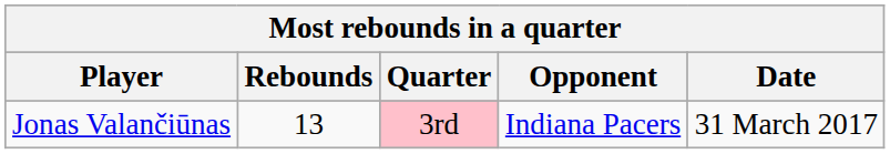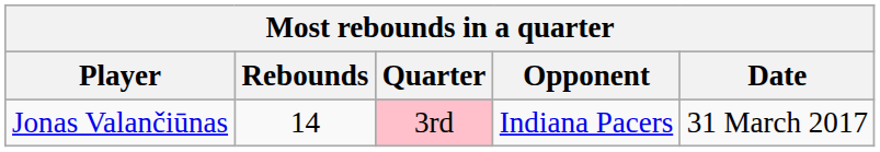 <table class="wikitable" style="text-align:center">
 <tr>
 <th colspan="5">Most rebounds in a quarter</th>
 </tr>
 <tr>
 <th>Player</th>
 <th>Rebounds</th>
 <th>Quarter</th>
 <th>Opponent</th>
 <th>Date</th>
 </tr>
 <tr>
 <td><a href='#'>Jonas Valančiūnas</a></td>
-<td>13</td>
+<td>14</td>
 <td style="background: pink;">3rd</td>
 <td><a href='#'>Indiana Pacers</a></td>
 <td>31 March 2017</td>
 </tr>
 </table>
